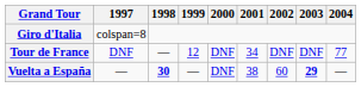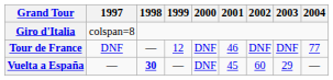 <table class="wikitable plainrowheaders">
 <tr>
 <th scope="col"><a href='#'>Grand Tour</a></th>
 <th scope="col">1997</th>
 <th scope="col">1998</th>
 <th scope="col">1999</th>
 <th scope="col">2000</th>
 <th scope="col">2001</th>
 <th scope="col">2002</th>
 <th scope="col">2003</th>
 <th scope="col">2004</th>
 </tr>
 <tr style="text-align:center;">
 <th scope="row"> <a href='#'>Giro d'Italia</a></th>
 <td>colspan=8 </td>
 </tr>
 <tr style="text-align:center;">
 <th scope="row"> <a href='#'>Tour de France</a></th>
 <td><a href='#'>DNF</a></td>
 <td>—</td>
 <td><a href='#'>12</a></td>
 <td><a href='#'>DNF</a></td>
-<td><a href='#'>34</a></td>
+<td><a href='#'>46</a></td>
 <td><a href='#'>DNF</a></td>
 <td><a href='#'>DNF</a></td>
 <td><a href='#'>77</a></td>
 </tr>
 <tr style="text-align:center;">
 <th scope="row"> <a href='#'>Vuelta a España</a></th>
 <td>—</td>
 <td><strong><a href='#'>30</a></strong></td>
 <td>—</td>
 <td><a href='#'>DNF</a></td>
-<td><a href='#'>38</a></td>
+<td><a href='#'>45</a></td>
 <td><a href='#'>60</a></td>
-<td><strong><a href='#'>29</a></strong></td>
+<td><a href='#'>29</a></td>
 <td>—</td>
 </tr>
 </table>
